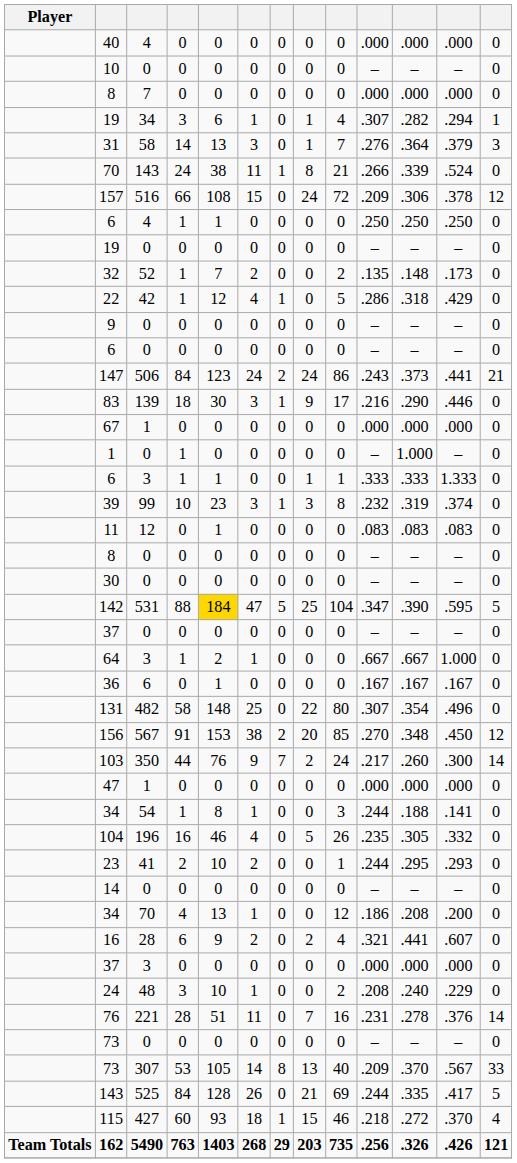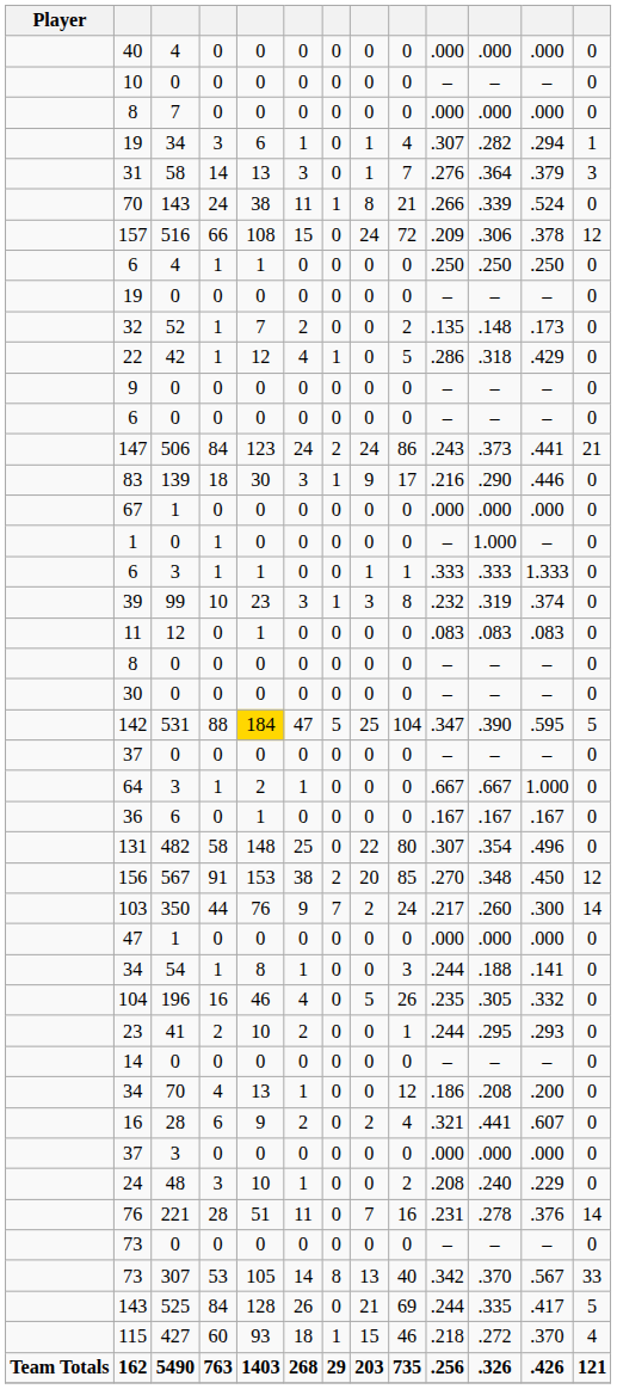 <table class="wikitable sortable" style="text-align:center;">
 <tr>
 <th>Player</th>
 <th></th>
 <th></th>
 <th></th>
 <th></th>
 <th></th>
 <th></th>
 <th></th>
 <th></th>
 <th></th>
 <th></th>
 <th></th>
 <th></th>
 </tr>
 <tr>
 <td align=left></td>
 <td>40</td>
 <td>4</td>
 <td>0</td>
 <td>0</td>
 <td>0</td>
 <td>0</td>
 <td>0</td>
 <td>0</td>
 <td>.000</td>
 <td>.000</td>
 <td>.000</td>
 <td>0</td>
 </tr>
 <tr>
 <td align=left></td>
 <td>10</td>
 <td>0</td>
 <td>0</td>
 <td>0</td>
 <td>0</td>
 <td>0</td>
 <td>0</td>
 <td>0</td>
 <td>–</td>
 <td>–</td>
 <td>–</td>
 <td>0</td>
 </tr>
 <tr>
 <td align=left></td>
 <td>8</td>
 <td>7</td>
 <td>0</td>
 <td>0</td>
 <td>0</td>
 <td>0</td>
 <td>0</td>
 <td>0</td>
 <td>.000</td>
 <td>.000</td>
 <td>.000</td>
 <td>0</td>
 </tr>
 <tr>
 <td align=left></td>
 <td>19</td>
 <td>34</td>
 <td>3</td>
 <td>6</td>
 <td>1</td>
 <td>0</td>
 <td>1</td>
 <td>4</td>
 <td>.307</td>
 <td>.282</td>
 <td>.294</td>
 <td>1</td>
 </tr>
 <tr>
 <td align=left></td>
 <td>31</td>
 <td>58</td>
 <td>14</td>
 <td>13</td>
 <td>3</td>
 <td>0</td>
 <td>1</td>
 <td>7</td>
 <td>.276</td>
 <td>.364</td>
 <td>.379</td>
 <td>3</td>
 </tr>
 <tr>
 <td align=left></td>
 <td>70</td>
 <td>143</td>
 <td>24</td>
 <td>38</td>
 <td>11</td>
 <td>1</td>
 <td>8</td>
 <td>21</td>
 <td>.266</td>
 <td>.339</td>
 <td>.524</td>
 <td>0</td>
 </tr>
 <tr>
 <td align=left></td>
 <td>157</td>
 <td>516</td>
 <td>66</td>
 <td>108</td>
 <td>15</td>
 <td>0</td>
 <td>24</td>
 <td>72</td>
 <td>.209</td>
 <td>.306</td>
 <td>.378</td>
 <td>12</td>
 </tr>
 <tr>
 <td align=left></td>
 <td>6</td>
 <td>4</td>
 <td>1</td>
 <td>1</td>
 <td>0</td>
 <td>0</td>
 <td>0</td>
 <td>0</td>
 <td>.250</td>
 <td>.250</td>
 <td>.250</td>
 <td>0</td>
 </tr>
 <tr>
 <td align=left></td>
 <td>19</td>
 <td>0</td>
 <td>0</td>
 <td>0</td>
 <td>0</td>
 <td>0</td>
 <td>0</td>
 <td>0</td>
 <td>–</td>
 <td>–</td>
 <td>–</td>
 <td>0</td>
 </tr>
 <tr>
 <td align=left></td>
 <td>32</td>
 <td>52</td>
 <td>1</td>
 <td>7</td>
 <td>2</td>
 <td>0</td>
 <td>0</td>
 <td>2</td>
 <td>.135</td>
 <td>.148</td>
 <td>.173</td>
 <td>0</td>
 </tr>
 <tr>
 <td align=left></td>
 <td>22</td>
 <td>42</td>
 <td>1</td>
 <td>12</td>
 <td>4</td>
 <td>1</td>
 <td>0</td>
 <td>5</td>
 <td>.286</td>
 <td>.318</td>
 <td>.429</td>
 <td>0</td>
 </tr>
 <tr>
 <td align=left></td>
 <td>9</td>
 <td>0</td>
 <td>0</td>
 <td>0</td>
 <td>0</td>
 <td>0</td>
 <td>0</td>
 <td>0</td>
 <td>–</td>
 <td>–</td>
 <td>–</td>
 <td>0</td>
 </tr>
 <tr>
 <td align=left></td>
 <td>6</td>
 <td>0</td>
 <td>0</td>
 <td>0</td>
 <td>0</td>
 <td>0</td>
 <td>0</td>
 <td>0</td>
 <td>–</td>
 <td>–</td>
 <td>–</td>
 <td>0</td>
 </tr>
 <tr>
 <td align=left></td>
 <td>147</td>
 <td>506</td>
 <td>84</td>
 <td>123</td>
 <td>24</td>
 <td>2</td>
 <td>24</td>
 <td>86</td>
 <td>.243</td>
 <td>.373</td>
 <td>.441</td>
 <td>21</td>
 </tr>
 <tr>
 <td align=left></td>
 <td>83</td>
 <td>139</td>
 <td>18</td>
 <td>30</td>
 <td>3</td>
 <td>1</td>
 <td>9</td>
 <td>17</td>
 <td>.216</td>
 <td>.290</td>
 <td>.446</td>
 <td>0</td>
 </tr>
 <tr>
 <td align=left></td>
 <td>67</td>
 <td>1</td>
 <td>0</td>
 <td>0</td>
 <td>0</td>
 <td>0</td>
 <td>0</td>
 <td>0</td>
 <td>.000</td>
 <td>.000</td>
 <td>.000</td>
 <td>0</td>
 </tr>
 <tr>
 <td align=left></td>
 <td>1</td>
 <td>0</td>
 <td>1</td>
 <td>0</td>
 <td>0</td>
 <td>0</td>
 <td>0</td>
 <td>0</td>
 <td>–</td>
 <td>1.000</td>
 <td>–</td>
 <td>0</td>
 </tr>
 <tr>
 <td align=left></td>
 <td>6</td>
 <td>3</td>
 <td>1</td>
 <td>1</td>
 <td>0</td>
 <td>0</td>
 <td>1</td>
 <td>1</td>
 <td>.333</td>
 <td>.333</td>
 <td>1.333</td>
 <td>0</td>
 </tr>
 <tr>
 <td align=left></td>
 <td>39</td>
 <td>99</td>
 <td>10</td>
 <td>23</td>
 <td>3</td>
 <td>1</td>
 <td>3</td>
 <td>8</td>
 <td>.232</td>
 <td>.319</td>
 <td>.374</td>
 <td>0</td>
 </tr>
 <tr>
 <td align=left></td>
 <td>11</td>
 <td>12</td>
 <td>0</td>
 <td>1</td>
 <td>0</td>
 <td>0</td>
 <td>0</td>
 <td>0</td>
 <td>.083</td>
 <td>.083</td>
 <td>.083</td>
 <td>0</td>
 </tr>
 <tr>
 <td align=left></td>
 <td>8</td>
 <td>0</td>
 <td>0</td>
 <td>0</td>
 <td>0</td>
 <td>0</td>
 <td>0</td>
 <td>0</td>
 <td>–</td>
 <td>–</td>
 <td>–</td>
 <td>0</td>
 </tr>
 <tr>
 <td align=left></td>
 <td>30</td>
 <td>0</td>
 <td>0</td>
 <td>0</td>
 <td>0</td>
 <td>0</td>
 <td>0</td>
 <td>0</td>
 <td>–</td>
 <td>–</td>
 <td>–</td>
 <td>0</td>
 </tr>
 <tr>
 <td align=left></td>
 <td>142</td>
 <td>531</td>
 <td>88</td>
 <td style="background: gold;">184</td>
 <td>47</td>
 <td>5</td>
 <td>25</td>
 <td>104</td>
 <td>.347</td>
 <td>.390</td>
 <td>.595</td>
 <td>5</td>
 </tr>
 <tr>
 <td align=left></td>
 <td>37</td>
 <td>0</td>
 <td>0</td>
 <td>0</td>
 <td>0</td>
 <td>0</td>
 <td>0</td>
 <td>0</td>
 <td>–</td>
 <td>–</td>
 <td>–</td>
 <td>0</td>
 </tr>
 <tr>
 <td align=left></td>
 <td>64</td>
 <td>3</td>
 <td>1</td>
 <td>2</td>
 <td>1</td>
 <td>0</td>
 <td>0</td>
 <td>0</td>
 <td>.667</td>
 <td>.667</td>
 <td>1.000</td>
 <td>0</td>
 </tr>
 <tr>
 <td align=left></td>
 <td>36</td>
 <td>6</td>
 <td>0</td>
 <td>1</td>
 <td>0</td>
 <td>0</td>
 <td>0</td>
 <td>0</td>
 <td>.167</td>
 <td>.167</td>
 <td>.167</td>
 <td>0</td>
 </tr>
 <tr>
 <td align=left></td>
 <td>131</td>
 <td>482</td>
 <td>58</td>
 <td>148</td>
 <td>25</td>
 <td>0</td>
 <td>22</td>
 <td>80</td>
 <td>.307</td>
 <td>.354</td>
 <td>.496</td>
 <td>0</td>
 </tr>
 <tr>
 <td align=left></td>
 <td>156</td>
 <td>567</td>
 <td>91</td>
 <td>153</td>
 <td>38</td>
 <td>2</td>
 <td>20</td>
 <td>85</td>
 <td>.270</td>
 <td>.348</td>
 <td>.450</td>
 <td>12</td>
 </tr>
 <tr>
 <td align=left></td>
 <td>103</td>
 <td>350</td>
 <td>44</td>
 <td>76</td>
 <td>9</td>
 <td>7</td>
 <td>2</td>
 <td>24</td>
 <td>.217</td>
 <td>.260</td>
 <td>.300</td>
 <td>14</td>
 </tr>
 <tr>
 <td align=left></td>
 <td>47</td>
 <td>1</td>
 <td>0</td>
 <td>0</td>
 <td>0</td>
 <td>0</td>
 <td>0</td>
 <td>0</td>
 <td>.000</td>
 <td>.000</td>
 <td>.000</td>
 <td>0</td>
 </tr>
 <tr>
 <td align=left></td>
 <td>34</td>
 <td>54</td>
 <td>1</td>
 <td>8</td>
 <td>1</td>
 <td>0</td>
 <td>0</td>
 <td>3</td>
 <td>.244</td>
 <td>.188</td>
 <td>.141</td>
 <td>0</td>
 </tr>
 <tr>
 <td align=left></td>
 <td>104</td>
 <td>196</td>
 <td>16</td>
 <td>46</td>
 <td>4</td>
 <td>0</td>
 <td>5</td>
 <td>26</td>
 <td>.235</td>
 <td>.305</td>
 <td>.332</td>
 <td>0</td>
 </tr>
 <tr>
 <td align=left></td>
 <td>23</td>
 <td>41</td>
 <td>2</td>
 <td>10</td>
 <td>2</td>
 <td>0</td>
 <td>0</td>
 <td>1</td>
 <td>.244</td>
 <td>.295</td>
 <td>.293</td>
 <td>0</td>
 </tr>
 <tr>
 <td align=left></td>
 <td>14</td>
 <td>0</td>
 <td>0</td>
 <td>0</td>
 <td>0</td>
 <td>0</td>
 <td>0</td>
 <td>0</td>
 <td>–</td>
 <td>–</td>
 <td>–</td>
 <td>0</td>
 </tr>
 <tr>
 <td align=left></td>
 <td>34</td>
 <td>70</td>
 <td>4</td>
 <td>13</td>
 <td>1</td>
 <td>0</td>
 <td>0</td>
 <td>12</td>
 <td>.186</td>
 <td>.208</td>
 <td>.200</td>
 <td>0</td>
 </tr>
 <tr>
 <td align=left></td>
 <td>16</td>
 <td>28</td>
 <td>6</td>
 <td>9</td>
 <td>2</td>
 <td>0</td>
 <td>2</td>
 <td>4</td>
 <td>.321</td>
 <td>.441</td>
 <td>.607</td>
 <td>0</td>
 </tr>
 <tr>
 <td align=left></td>
 <td>37</td>
 <td>3</td>
 <td>0</td>
 <td>0</td>
 <td>0</td>
 <td>0</td>
 <td>0</td>
 <td>0</td>
 <td>.000</td>
 <td>.000</td>
 <td>.000</td>
 <td>0</td>
 </tr>
 <tr>
 <td align=left></td>
 <td>24</td>
 <td>48</td>
 <td>3</td>
 <td>10</td>
 <td>1</td>
 <td>0</td>
 <td>0</td>
 <td>2</td>
 <td>.208</td>
 <td>.240</td>
 <td>.229</td>
 <td>0</td>
 </tr>
 <tr>
 <td align=left></td>
 <td>76</td>
 <td>221</td>
 <td>28</td>
 <td>51</td>
 <td>11</td>
 <td>0</td>
 <td>7</td>
 <td>16</td>
 <td>.231</td>
 <td>.278</td>
 <td>.376</td>
 <td>14</td>
 </tr>
 <tr>
 <td align=left></td>
 <td>73</td>
 <td>0</td>
 <td>0</td>
 <td>0</td>
 <td>0</td>
 <td>0</td>
 <td>0</td>
 <td>0</td>
 <td>–</td>
 <td>–</td>
 <td>–</td>
 <td>0</td>
 </tr>
 <tr>
 <td align=left></td>
 <td>73</td>
 <td>307</td>
 <td>53</td>
 <td>105</td>
 <td>14</td>
 <td>8</td>
 <td>13</td>
 <td>40</td>
-<td>.209</td>
+<td>.342</td>
 <td>.370</td>
 <td>.567</td>
 <td>33</td>
 </tr>
 <tr>
 <td align=left></td>
 <td>143</td>
 <td>525</td>
 <td>84</td>
 <td>128</td>
 <td>26</td>
 <td>0</td>
 <td>21</td>
 <td>69</td>
 <td>.244</td>
 <td>.335</td>
 <td>.417</td>
 <td>5</td>
 </tr>
 <tr>
 <td align=left></td>
 <td>115</td>
 <td>427</td>
 <td>60</td>
 <td>93</td>
 <td>18</td>
 <td>1</td>
 <td>15</td>
 <td>46</td>
 <td>.218</td>
 <td>.272</td>
 <td>.370</td>
 <td>4</td>
 </tr>
 <tr>
 <td align=left><strong>Team Totals</strong></td>
 <td><strong>162</strong></td>
 <td><strong>5490</strong></td>
 <td><strong>763</strong></td>
 <td><strong>1403</strong></td>
 <td><strong>268</strong></td>
 <td><strong>29</strong></td>
 <td><strong>203</strong></td>
 <td><strong>735</strong></td>
 <td><strong>.256</strong></td>
 <td><strong>.326</strong></td>
 <td><strong>.426</strong></td>
 <td><strong>121</strong></td>
 </tr>
 <tr class="sortbottom|}">
 </tr>
 </table>
